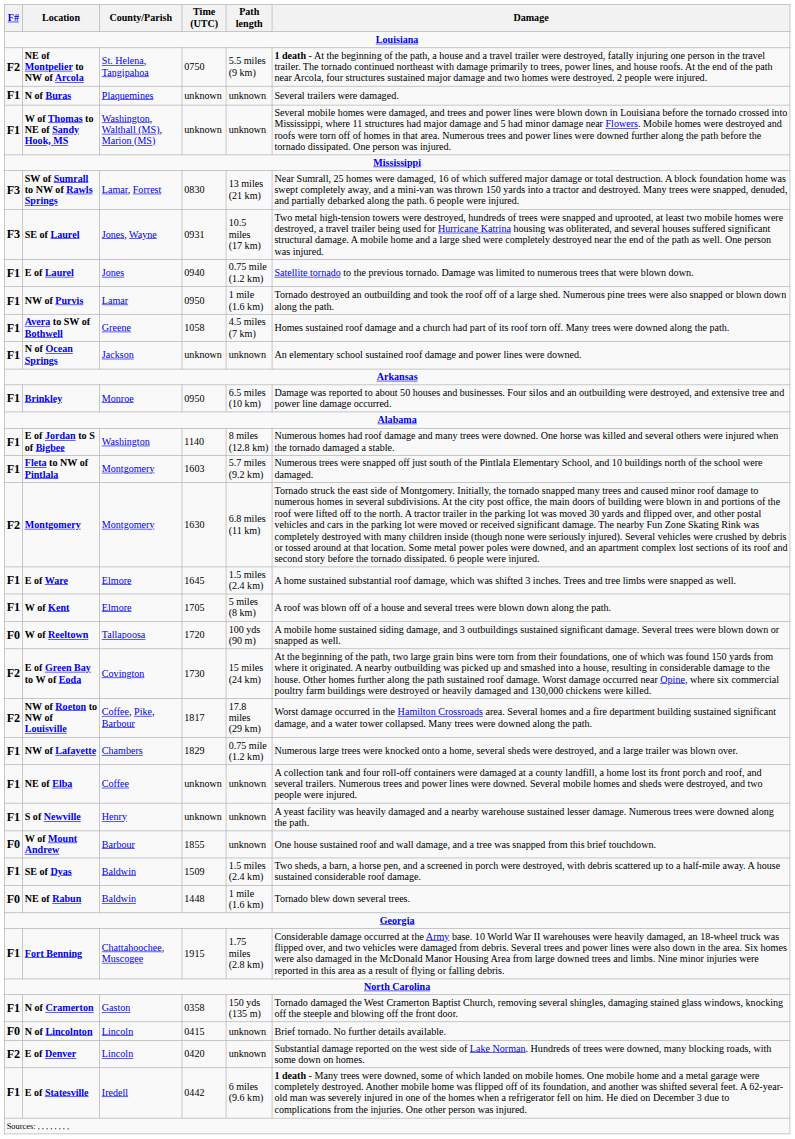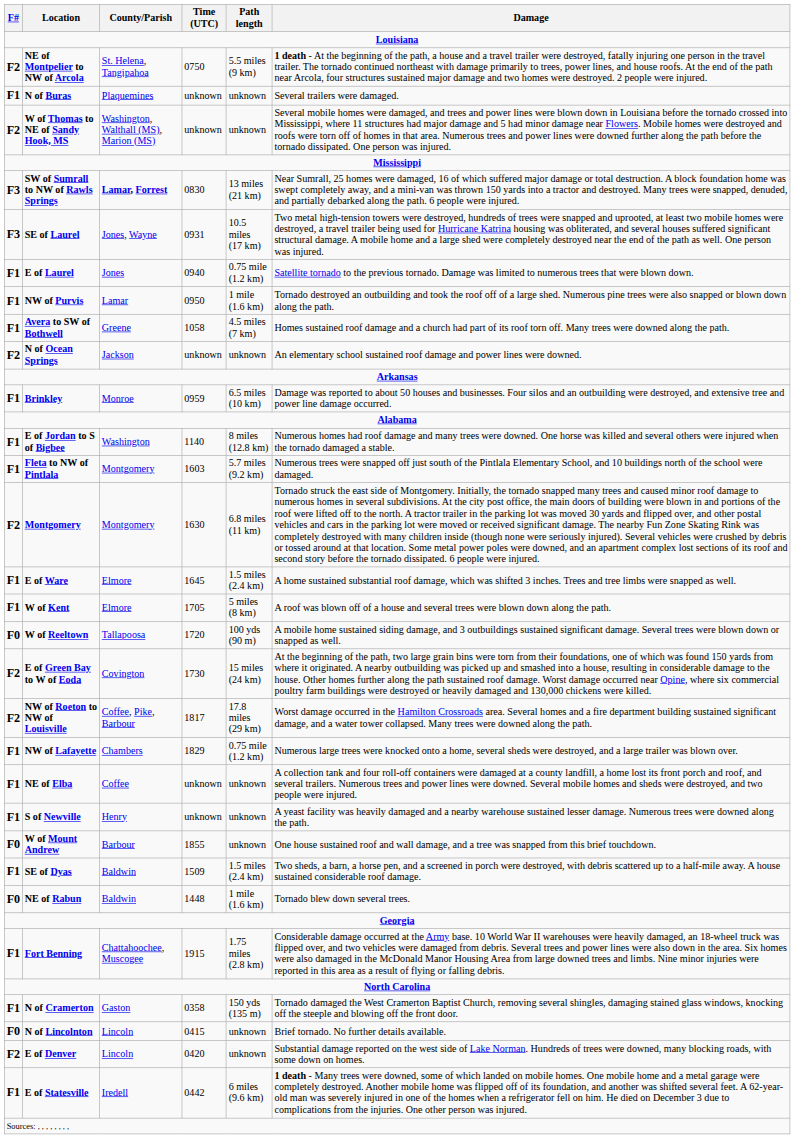 <table class="wikitable">
 <tr>
 <th><strong><a href='#'>F#</a></strong></th>
 <th><strong>Location</strong></th>
 <th><strong>County/Parish</strong></th>
 <th><strong>Time (UTC)</strong></th>
 <th><strong>Path length</strong></th>
 <th><strong>Damage</strong></th>
 </tr>
 <tr>
 <td colspan="7" align=center><strong><a href='#'>Louisiana</a></strong></td>
 </tr>
 <tr>
 <td><big><strong>F2</strong></big></td>
 <td><strong>NE of <a href='#'>Montpelier</a> to NW of <a href='#'>Arcola</a></strong></td>
 <td><a href='#'>St. Helena</a>, <a href='#'>Tangipahoa</a></td>
 <td>0750</td>
 <td>5.5 miles <br>(9 km)</td>
 <td><strong>1 death</strong> - At the beginning of the path, a house and a travel trailer were destroyed, fatally injuring one person in the travel trailer. The tornado continued northeast with damage primarily to trees, power lines, and house roofs. At the end of the path near Arcola, four structures sustained major damage and two homes were destroyed. 2 people were injured.</td>
 </tr>
 <tr>
 <td><big><strong>F1</strong></big></td>
 <td><strong>N of <a href='#'>Buras</a></strong></td>
 <td><a href='#'>Plaquemines</a></td>
 <td>unknown</td>
 <td>unknown</td>
 <td>Several trailers were damaged.</td>
 </tr>
 <tr>
-<td><big><strong>F1</strong></big></td>
+<td><big><strong>F2</strong></big></td>
 <td><strong>W of <a href='#'>Thomas</a> to NE of <a href='#'>Sandy Hook, MS</a></strong></td>
 <td><a href='#'>Washington</a>, <a href='#'>Walthall (MS)</a>, <a href='#'>Marion (MS)</a></td>
 <td>unknown</td>
 <td>unknown</td>
 <td>Several mobile homes were damaged, and trees and power lines were blown down in Louisiana before the tornado crossed into Mississippi, where 11 structures had major damage and 5 had minor damage near <a href='#'>Flowers</a>. Mobile homes were destroyed and roofs were torn off of homes in that area. Numerous trees and power lines were downed further along the path before the tornado dissipated. One person was injured.</td>
 </tr>
 <tr>
 <td colspan="7" align=center><strong><a href='#'>Mississippi</a></strong></td>
 </tr>
 <tr>
 <td><big><strong>F3</strong></big></td>
 <td><strong>SW of <a href='#'>Sumrall</a> to NW of <a href='#'>Rawls Springs</a></strong></td>
-<td><a href='#'>Lamar</a>, <a href='#'>Forrest</a></td>
+<td><strong><a href='#'>Lamar</a>, <a href='#'>Forrest</a></strong></td>
 <td>0830</td>
 <td>13 miles <br>(21 km)</td>
 <td>Near Sumrall, 25 homes were damaged, 16 of which suffered major damage or total destruction. A block foundation home was swept completely away, and a mini-van was thrown 150 yards into a tractor and destroyed. Many trees were snapped, denuded, and partially debarked along the path. 6 people were injured.</td>
 </tr>
 <tr>
 <td><big><strong>F3</strong></big></td>
 <td><strong>SE of <a href='#'>Laurel</a></strong></td>
 <td><a href='#'>Jones</a>, <a href='#'>Wayne</a></td>
 <td>0931</td>
 <td>10.5 miles <br>(17 km)</td>
 <td>Two metal high-tension towers were destroyed, hundreds of trees were snapped and uprooted, at least two mobile homes were destroyed, a travel trailer being used for <a href='#'>Hurricane Katrina</a> housing was obliterated, and several houses suffered significant structural damage. A mobile home and a large shed were completely destroyed near the end of the path as well. One person was injured.</td>
 </tr>
 <tr>
 <td><big><strong>F1</strong></big></td>
 <td><strong>E of <a href='#'>Laurel</a></strong></td>
 <td><a href='#'>Jones</a></td>
 <td>0940</td>
 <td>0.75 mile <br>(1.2 km)</td>
 <td><a href='#'>Satellite tornado</a> to the previous tornado. Damage was limited to numerous trees that were blown down.</td>
 </tr>
 <tr>
 <td><big><strong>F1</strong></big></td>
 <td><strong>NW of <a href='#'>Purvis</a></strong></td>
 <td><a href='#'>Lamar</a></td>
 <td>0950</td>
 <td>1 mile <br>(1.6 km)</td>
 <td>Tornado destroyed an outbuilding and took the roof off of a large shed. Numerous pine trees were also snapped or blown down along the path.</td>
 </tr>
 <tr>
 <td><big><strong>F1</strong></big></td>
 <td><strong><a href='#'>Avera</a> to SW of <a href='#'>Bothwell</a></strong></td>
 <td><a href='#'>Greene</a></td>
 <td>1058</td>
 <td>4.5 miles <br>(7 km)</td>
 <td>Homes sustained roof damage and a church had part of its roof torn off. Many trees were downed along the path.</td>
 </tr>
 <tr>
-<td><big><strong>F1</strong></big></td>
+<td><big><strong>F2</strong></big></td>
 <td><strong>N of <a href='#'>Ocean Springs</a></strong></td>
 <td><a href='#'>Jackson</a></td>
 <td>unknown</td>
 <td>unknown</td>
 <td>An elementary school sustained roof damage and power lines were downed.</td>
 </tr>
 <tr>
 <td colspan="7" align=center><strong><a href='#'>Arkansas</a></strong></td>
 </tr>
 <tr>
 <td><big><strong>F1</strong></big></td>
 <td><strong><a href='#'>Brinkley</a></strong></td>
 <td><a href='#'>Monroe</a></td>
-<td>0950</td>
+<td>0959</td>
 <td>6.5 miles <br>(10 km)</td>
 <td>Damage was reported to about 50 houses and businesses. Four silos and an outbuilding were destroyed, and extensive tree and power line damage occurred.</td>
 </tr>
 <tr>
 <td colspan="7" align=center><strong><a href='#'>Alabama</a></strong></td>
 </tr>
 <tr>
 <td><big><strong>F1</strong></big></td>
 <td><strong>E of <a href='#'>Jordan</a> to S of <a href='#'>Bigbee</a></strong></td>
 <td><a href='#'>Washington</a></td>
 <td>1140</td>
 <td>8 miles <br> (12.8 km)</td>
 <td>Numerous homes had roof damage and many trees were downed. One horse was killed and several others were injured when the tornado damaged a stable.</td>
 </tr>
 <tr>
 <td><big><strong>F1</strong></big></td>
 <td><strong><a href='#'>Fleta</a> to NW of <a href='#'>Pintlala</a></strong></td>
 <td><a href='#'>Montgomery</a></td>
 <td>1603</td>
 <td>5.7 miles <br>(9.2 km)</td>
 <td>Numerous trees were snapped off just south of the Pintlala Elementary School, and 10 buildings north of the school were damaged.</td>
 </tr>
 <tr>
 <td><big><strong>F2</strong></big></td>
 <td><strong><a href='#'>Montgomery</a></strong></td>
 <td><a href='#'>Montgomery</a></td>
 <td>1630</td>
 <td>6.8 miles <br>(11 km)</td>
 <td>Tornado struck the east side of Montgomery. Initially, the tornado snapped many trees and caused minor roof damage to numerous homes in several subdivisions. At the city post office, the main doors of building were blown in and portions of the roof were lifted off to the north. A tractor trailer in the parking lot was moved 30 yards and flipped over, and other postal vehicles and cars in the parking lot were moved or received significant damage. The nearby Fun Zone Skating Rink was completely destroyed with many children inside (though none were seriously injured). Several vehicles were crushed by debris or tossed around at that location. Some metal power poles were downed, and an apartment complex lost sections of its roof and second story before the tornado dissipated. 6 people were injured.</td>
 </tr>
 <tr>
 <td><big><strong>F1</strong></big></td>
 <td><strong>E of <a href='#'>Ware</a></strong></td>
 <td><a href='#'>Elmore</a></td>
 <td>1645</td>
 <td>1.5 miles <br>(2.4 km)</td>
 <td>A home sustained substantial roof damage, which was shifted 3 inches. Trees and tree limbs were snapped as well.</td>
 </tr>
 <tr>
 <td><big><strong>F1</strong></big></td>
 <td><strong>W of <a href='#'>Kent</a></strong></td>
 <td><a href='#'>Elmore</a></td>
 <td>1705</td>
 <td>5 miles <br>(8 km)</td>
 <td>A roof was blown off of a house and several trees were blown down along the path.</td>
 </tr>
 <tr>
 <td><big><strong>F0</strong></big></td>
 <td><strong>W of <a href='#'>Reeltown</a></strong></td>
 <td><a href='#'>Tallapoosa</a></td>
 <td>1720</td>
 <td>100 yds <br>(90 m)</td>
 <td>A mobile home sustained siding damage, and 3 outbuildings sustained significant damage. Several trees were blown down or snapped as well.</td>
 </tr>
 <tr>
 <td><big><strong>F2</strong></big></td>
 <td><strong>E of <a href='#'>Green Bay</a> to W of <a href='#'>Eoda</a></strong></td>
 <td><a href='#'>Covington</a></td>
 <td>1730</td>
 <td>15 miles <br>(24 km)</td>
 <td>At the beginning of the path, two large grain bins were torn from their foundations, one of which was found 150 yards from where it originated. A nearby outbuilding was picked up and smashed into a house, resulting in considerable damage to the house. Other homes further along the path sustained roof damage. Worst damage occurred near <a href='#'>Opine</a>, where six commercial poultry farm buildings were destroyed or heavily damaged and 130,000 chickens were killed.</td>
 </tr>
 <tr>
 <td><big><strong>F2</strong></big></td>
 <td><strong>NW of <a href='#'>Roeton</a> to NW of <a href='#'>Louisville</a></strong></td>
 <td><a href='#'>Coffee</a>, <a href='#'>Pike</a>, <a href='#'>Barbour</a></td>
 <td>1817</td>
 <td>17.8 miles<br>(29 km)</td>
 <td>Worst damage occurred in the <a href='#'>Hamilton Crossroads</a> area. Several homes and a fire department building sustained significant damage, and a water tower collapsed. Many trees were downed along the path.</td>
 </tr>
 <tr>
 <td><big><strong>F1</strong></big></td>
 <td><strong>NW of <a href='#'>Lafayette</a></strong></td>
 <td><a href='#'>Chambers</a></td>
 <td>1829</td>
 <td>0.75 mile <br>(1.2 km)</td>
 <td>Numerous large trees were knocked onto a home, several sheds were destroyed, and a large trailer was blown over.</td>
 </tr>
 <tr>
 <td><big><strong>F1</strong></big></td>
 <td><strong>NE of <a href='#'>Elba</a></strong></td>
 <td><a href='#'>Coffee</a></td>
 <td>unknown</td>
 <td>unknown</td>
 <td>A collection tank and four roll-off containers were damaged at a county landfill, a home lost its front porch and roof, and several trailers. Numerous trees and power lines were downed. Several mobile homes and sheds were destroyed, and two people were injured.</td>
 </tr>
 <tr>
 <td><big><strong>F1</strong></big></td>
 <td><strong>S of <a href='#'>Newville</a></strong></td>
 <td><a href='#'>Henry</a></td>
 <td>unknown</td>
 <td>unknown</td>
 <td>A yeast facility was heavily damaged and a nearby warehouse sustained lesser damage. Numerous trees were downed along the path.</td>
 </tr>
 <tr>
 <td><big><strong>F0</strong></big></td>
 <td><strong>W of <a href='#'>Mount Andrew</a></strong></td>
 <td><a href='#'>Barbour</a></td>
 <td>1855</td>
 <td>unknown</td>
 <td>One house sustained roof and wall damage, and a tree was snapped from this brief touchdown.</td>
 </tr>
 <tr>
 <td><big><strong>F1</strong></big></td>
 <td><strong>SE of <a href='#'>Dyas</a></strong></td>
 <td><a href='#'>Baldwin</a></td>
 <td>1509</td>
 <td>1.5 miles <br>(2.4 km)</td>
 <td>Two sheds, a barn, a horse pen, and a screened in porch were destroyed, with debris scattered up to a half-mile away. A house sustained considerable roof damage.</td>
 </tr>
 <tr>
 <td><big><strong>F0</strong></big></td>
 <td><strong>NE of <a href='#'>Rabun</a></strong></td>
 <td><a href='#'>Baldwin</a></td>
 <td>1448</td>
 <td>1 mile <br>(1.6 km)</td>
 <td>Tornado blew down several trees.</td>
 </tr>
 <tr>
 <td colspan="7" align=center><strong><a href='#'>Georgia</a></strong></td>
 </tr>
 <tr>
 <td><big><strong>F1</strong></big></td>
 <td><strong><a href='#'>Fort Benning</a></strong></td>
 <td><a href='#'>Chattahoochee</a>, <a href='#'>Muscogee</a></td>
 <td>1915</td>
 <td>1.75 miles <br>(2.8 km)</td>
 <td>Considerable damage occurred at the <a href='#'>Army</a> base. 10 World War II warehouses were heavily damaged, an 18-wheel truck was flipped over, and two vehicles were damaged from debris. Several trees and power lines were also down in the area. Six homes were also damaged in the McDonald Manor Housing Area from large downed trees and limbs. Nine minor injuries were reported in this area as a result of flying or falling debris.</td>
 </tr>
 <tr>
 <td colspan="7" align=center><strong><a href='#'>North Carolina</a></strong></td>
 </tr>
 <tr>
 <td><big><strong>F1</strong></big></td>
 <td><strong>N of <a href='#'>Cramerton</a></strong></td>
 <td><a href='#'>Gaston</a></td>
 <td>0358</td>
 <td>150 yds<br>(135 m)</td>
 <td>Tornado damaged the West Cramerton Baptist Church, removing several shingles, damaging stained glass windows, knocking off the steeple and blowing off the front door.</td>
 </tr>
 <tr>
 <td><big><strong>F0</strong></big></td>
 <td><strong>N of <a href='#'>Lincolnton</a></strong></td>
 <td><a href='#'>Lincoln</a></td>
 <td>0415</td>
 <td>unknown</td>
 <td>Brief tornado. No further details available.</td>
 </tr>
 <tr>
 <td><big><strong>F2</strong></big></td>
 <td><strong>E of <a href='#'>Denver</a></strong></td>
 <td><a href='#'>Lincoln</a></td>
 <td>0420</td>
 <td>unknown</td>
 <td>Substantial damage reported on the west side of <a href='#'>Lake Norman</a>. Hundreds of trees were downed, many blocking roads, with some down on homes.</td>
 </tr>
 <tr>
 <td><big><strong>F1</strong></big></td>
 <td><strong>E of <a href='#'>Statesville</a></strong></td>
 <td><a href='#'>Iredell</a></td>
 <td>0442</td>
 <td>6 miles <br>(9.6 km)</td>
 <td><strong>1 death</strong> - Many trees were downed, some of which landed on mobile homes. One mobile home and a metal garage were completely destroyed. Another mobile home was flipped off of its foundation, and another was shifted several feet. A 62-year-old man was severely injured in one of the homes when a refrigerator fell on him. He died on December 3 due to complications from the injuries. One other person was injured.</td>
 </tr>
 <tr>
 <td colspan="7"><small>Sources: , , , , , , , , </small></td>
 </tr>
 </table>
